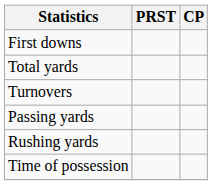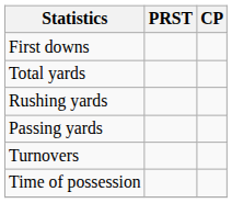 <table class="wikitable" style="float: left;">
 <tr>
 <th>Statistics</th>
 <th>PRST</th>
 <th>CP</th>
 </tr>
 <tr>
 <td>First downs</td>
 <td></td>
 <td></td>
 </tr>
 <tr>
 <td>Total yards</td>
 <td></td>
 <td></td>
 </tr>
 <tr>
-<td>Turnovers</td>
+<td>Rushing yards</td>
 <td></td>
 <td></td>
 </tr>
 <tr>
 <td>Passing yards</td>
 <td></td>
 <td></td>
 </tr>
 <tr>
-<td>Rushing yards</td>
+<td>Turnovers</td>
 <td></td>
 <td></td>
 </tr>
 <tr>
 <td>Time of possession</td>
 <td></td>
 <td></td>
 </tr>
 <tr>
 </tr>
 </table>
